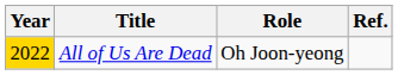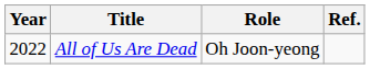 <table class="wikitable">
 <tr>
 <th>Year</th>
 <th>Title</th>
 <th>Role</th>
 <th>Ref.</th>
 </tr>
 <tr>
-<td style="background: gold;">2022</td>
+<td>2022</td>
 <td><em><a href='#'>All of Us Are Dead</a></em></td>
 <td>Oh Joon-yeong</td>
 <td></td>
 </tr>
 </table>
